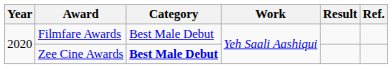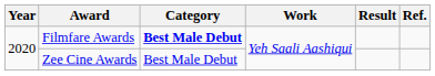 <table class="wikitable">
 <tr>
 <th>Year</th>
 <th>Award</th>
 <th>Category</th>
 <th>Work</th>
 <th>Result</th>
 <th>Ref.</th>
 </tr>
 <tr>
 <td rowspan="2">2020</td>
 <td><a href='#'>Filmfare Awards</a></td>
-<td><a href='#'>Best Male Debut</a></td>
+<td><strong><a href='#'>Best Male Debut</a></strong></td>
 <td rowspan="2"><em><a href='#'>Yeh Saali Aashiqui</a></em></td>
 <td></td>
 <td></td>
 </tr>
 <tr>
 <td><a href='#'>Zee Cine Awards</a></td>
-<td><strong><a href='#'>Best Male Debut</a></strong></td>
+<td><a href='#'>Best Male Debut</a></td>
 <td></td>
 <td></td>
 </tr>
 </table>
